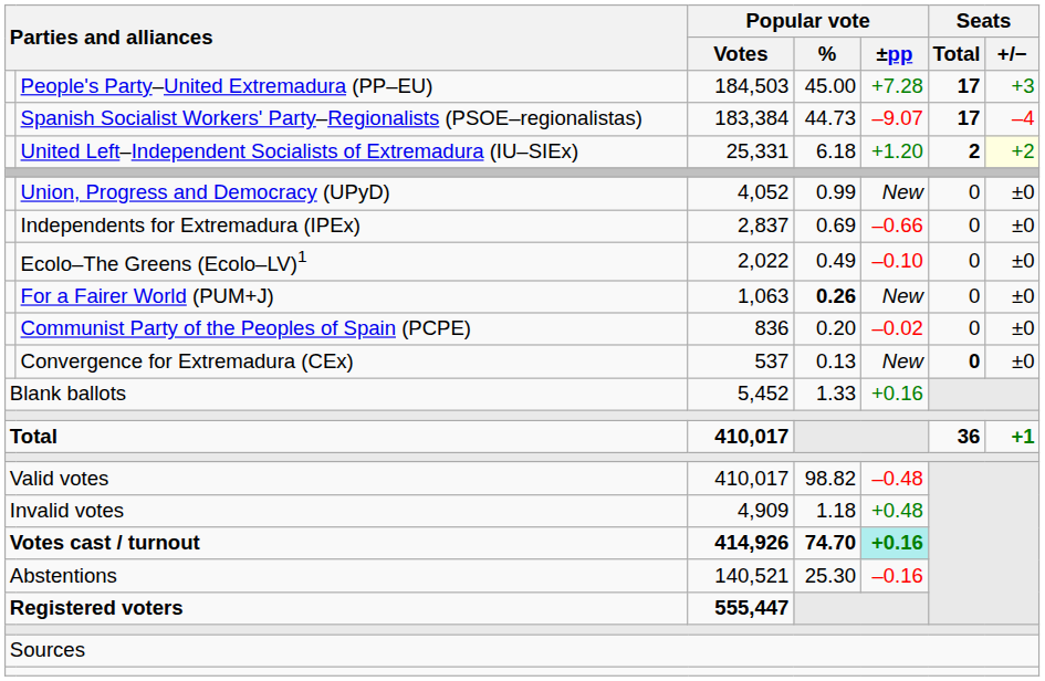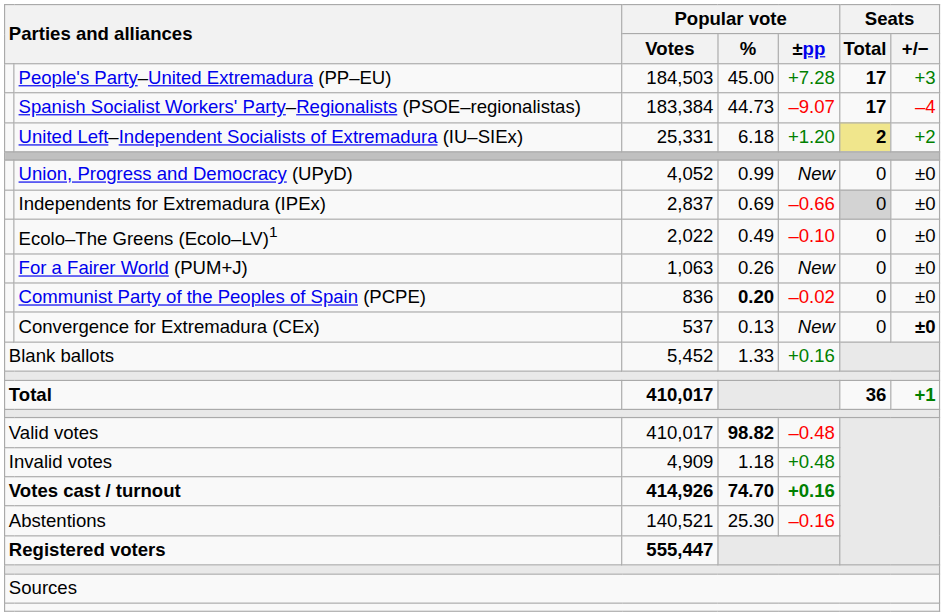 <table class="wikitable" style="text-align:right;">
 <tr>
 <th style="text-align:left;" rowspan="2" colspan="2" width="525">Parties and alliances</th>
 <th colspan="3">Popular vote</th>
 <th colspan="2">Seats</th>
 </tr>
 <tr>
 <th width="75">Votes</th>
 <th width="45">%</th>
 <th width="45">±<a href='#'>pp</a></th>
 <th width="35">Total</th>
 <th width="35">+/−</th>
 </tr>
 <tr>
 <td width="1" style="color:inherit;background:"></td>
 <td align="left"><a href='#'>People's Party</a>–<a href='#'>United Extremadura</a> (PP–EU)</td>
 <td>184,503</td>
 <td>45.00</td>
 <td style="color:green;">+7.28</td>
 <td><strong>17</strong></td>
 <td style="color:green;">+3</td>
 </tr>
 <tr>
 <td style="color:inherit;background:"></td>
 <td align="left"><a href='#'>Spanish Socialist Workers' Party</a>–<a href='#'>Regionalists</a> (PSOE–regionalistas)</td>
 <td>183,384</td>
 <td>44.73</td>
 <td style="color:red;">–9.07</td>
 <td><strong>17</strong></td>
 <td style="color:red;">–4</td>
 </tr>
 <tr>
 <td style="color:inherit;background:"></td>
 <td align="left"><a href='#'>United Left</a>–<a href='#'>Independent Socialists of Extremadura</a> (IU–SIEx)</td>
 <td>25,331</td>
 <td>6.18</td>
 <td style="color:green;">+1.20</td>
-<td><strong>2</strong></td>
-<td style="background: lightyellow; color:green;">+2</td>
+<td style="background: khaki;"><strong>2</strong></td>
+<td style="color:green;">+2</td>
 </tr>
 <tr>
 <td colspan="7" bgcolor="#C0C0C0"></td>
 </tr>
 <tr>
 <td style="color:inherit;background:"></td>
 <td align="left"><a href='#'>Union, Progress and Democracy</a> (UPyD)</td>
 <td>4,052</td>
 <td>0.99</td>
 <td><em>New</em></td>
 <td>0</td>
 <td>±0</td>
 </tr>
 <tr>
 <td style="color:inherit;background:"></td>
 <td align="left">Independents for Extremadura (IPEx)</td>
 <td>2,837</td>
 <td>0.69</td>
 <td style="color:red;">–0.66</td>
-<td>0</td>
+<td style="background: lightgrey;">0</td>
 <td>±0</td>
 </tr>
 <tr>
 <td style="color:inherit;background:"></td>
 <td align="left">Ecolo–The Greens (Ecolo–LV)<sup>1</sup></td>
 <td>2,022</td>
 <td>0.49</td>
 <td style="color:red;">–0.10</td>
 <td>0</td>
 <td>±0</td>
 </tr>
 <tr>
 <td style="color:inherit;background:"></td>
 <td align="left"><a href='#'>For a Fairer World</a> (PUM+J)</td>
 <td>1,063</td>
-<td><strong>0.26</strong></td>
+<td>0.26</td>
 <td><em>New</em></td>
 <td>0</td>
 <td>±0</td>
 </tr>
 <tr>
 <td style="color:inherit;background:"></td>
 <td align="left"><a href='#'>Communist Party of the Peoples of Spain</a> (PCPE)</td>
 <td>836</td>
-<td>0.20</td>
+<td><strong>0.20</strong></td>
 <td style="color:red;">–0.02</td>
 <td>0</td>
 <td>±0</td>
 </tr>
 <tr>
 <td style="color:inherit;background:"></td>
 <td align="left">Convergence for Extremadura (CEx)</td>
 <td>537</td>
 <td>0.13</td>
 <td><em>New</em></td>
-<td><strong>0</strong></td>
-<td>±0</td>
+<td>0</td>
+<td><strong>±0</strong></td>
 </tr>
 <tr>
 <td align="left" colspan="2">Blank ballots</td>
 <td>5,452</td>
 <td>1.33</td>
 <td style="color:green;">+0.16</td>
 <td bgcolor="#E9E9E9" colspan="2"></td>
 </tr>
 <tr>
 <td colspan="7" bgcolor="#E9E9E9"></td>
 </tr>
 <tr style="font-weight:bold;">
 <td align="left" colspan="2">Total</td>
 <td>410,017</td>
 <td bgcolor="#E9E9E9" colspan="2"></td>
 <td>36</td>
 <td style="color:green;">+1</td>
 </tr>
 <tr>
 <td colspan="7" bgcolor="#E9E9E9"></td>
 </tr>
 <tr>
 <td align="left" colspan="2">Valid votes</td>
 <td>410,017</td>
-<td>98.82</td>
+<td><strong>98.82</strong></td>
 <td style="color:red;">–0.48</td>
 <td bgcolor="#E9E9E9" colspan="2" rowspan="5"></td>
 </tr>
 <tr>
 <td align="left" colspan="2">Invalid votes</td>
 <td>4,909</td>
 <td>1.18</td>
 <td style="color:green;">+0.48</td>
 </tr>
 <tr style="font-weight:bold;">
 <td align="left" colspan="2">Votes cast / turnout</td>
 <td>414,926</td>
 <td>74.70</td>
-<td style="background: paleturquoise; color:green;">+0.16</td>
+<td style="color:green;">+0.16</td>
 </tr>
 <tr>
 <td align="left" colspan="2">Abstentions</td>
 <td>140,521</td>
 <td>25.30</td>
 <td style="color:red;">–0.16</td>
 </tr>
 <tr style="font-weight:bold;">
 <td align="left" colspan="2">Registered voters</td>
 <td>555,447</td>
 <td bgcolor="#E9E9E9" colspan="2"></td>
 </tr>
 <tr>
 <td colspan="7" bgcolor="#E9E9E9"></td>
 </tr>
 <tr>
 <td align="left" colspan="7">Sources</td>
 </tr>
 <tr>
 <td colspan="7" style="text-align:left; max-width:790px;"></td>
 </tr>
 </table>
